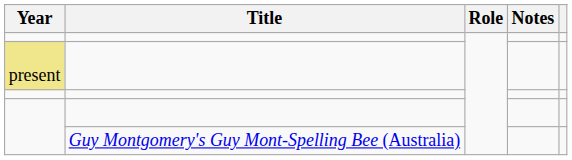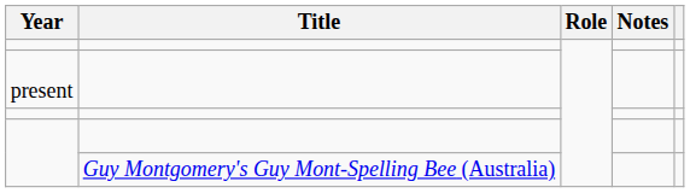 <table class="wikitable sortable">
 <tr>
 <th>Year</th>
 <th>Title</th>
 <th>Role</th>
 <th class="unsortable">Notes</th>
 <th class="unsortable"></th>
 </tr>
 <tr>
 <td></td>
 <td><em></em></td>
 <td rowspan="5"></td>
 <td></td>
 <td style="text-align:center;"></td>
 </tr>
 <tr>
-<td style="background: khaki;"><br>present</td>
+<td><br>present</td>
 <td><em></em></td>
 <td></td>
 <td style="text-align:center;"></td>
 </tr>
 <tr>
 <td></td>
 <td><em></em></td>
 <td></td>
 <td style="text-align:center;"></td>
 </tr>
 <tr>
 <td rowspan="2"></td>
 <td><em></em></td>
 <td><br></td>
 <td style="text-align:center;"></td>
 </tr>
 <tr>
 <td><a href='#'><em>Guy Montgomery's Guy Mont-Spelling Bee</em> (Australia)</a></td>
 <td></td>
 <td style="text-align:center;"></td>
 </tr>
 </table>
